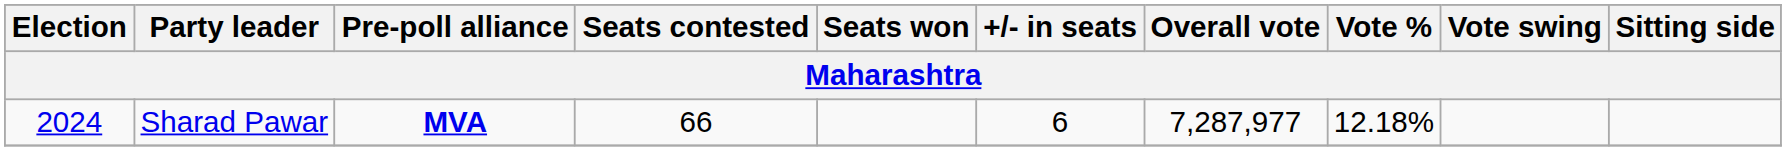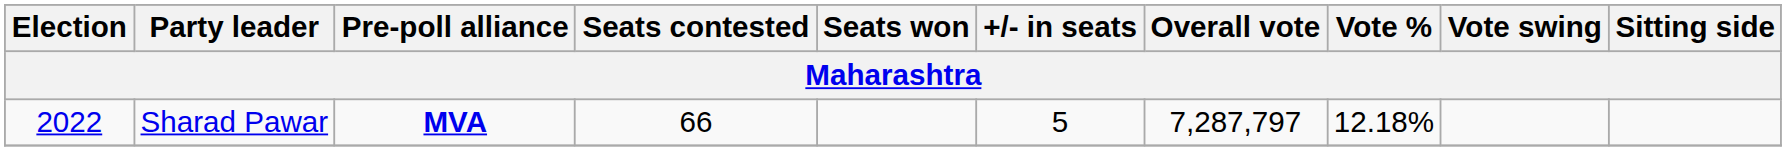 <table class="wikitable" style="text-align:center">
 <tr>
 <th style="background-color:">Election</th>
 <th style="background-color:">Party leader</th>
 <th style="background-color:">Pre-poll alliance</th>
 <th style="background-color:">Seats contested</th>
 <th style="background-color:">Seats won</th>
 <th style="background-color:">+/- in seats</th>
 <th style="background-color:">Overall vote</th>
 <th style="background-color:">Vote %</th>
 <th style="background-color:">Vote swing</th>
 <th style="background-color:">Sitting side</th>
 </tr>
 <tr>
 <th Colspan=10><a href='#'>Maharashtra</a></th>
 </tr>
 <tr>
-<td><a href='#'>2024</a></td>
+<td><a href='#'>2022</a></td>
 <td><a href='#'>Sharad Pawar</a></td>
 <td><strong><a href='#'>MVA</a></strong></td>
 <td>66</td>
 <td></td>
-<td>6</td>
-<td>7,287,977</td>
+<td>5</td>
+<td>7,287,797</td>
 <td>12.18%</td>
 <td></td>
 <td></td>
 </tr>
 <tr>
 </tr>
 </table>
